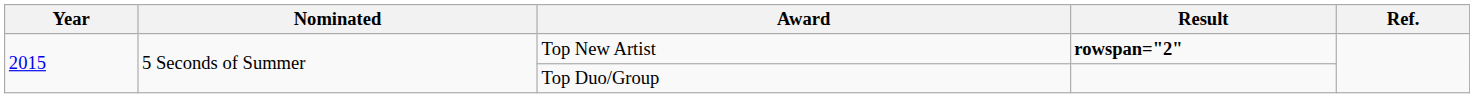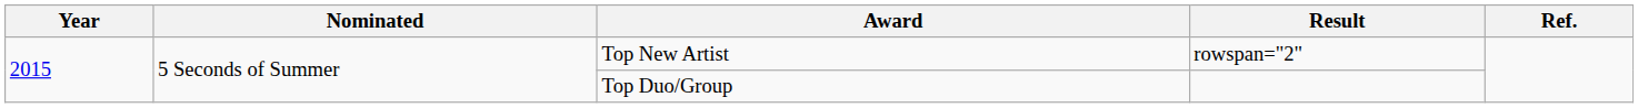 <table class="wikitable" style="width:100%;">
 <tr>
 <th width=5%>Year</th>
 <th style="width:15%;">Nominated</th>
 <th style="width:20%;">Award</th>
 <th style="width:10%;">Result</th>
 <th style="width:5%;">Ref.</th>
 </tr>
 <tr>
 <td rowspan="2"><a href='#'>2015</a></td>
 <td rowspan="2">5 Seconds of Summer</td>
 <td>Top New Artist</td>
-<td><strong>rowspan="2" </strong></td>
+<td>rowspan="2" </td>
 <td rowspan="2"></td>
 </tr>
 <tr>
 <td>Top Duo/Group</td>
 </tr>
 </table>
